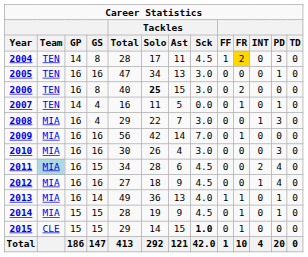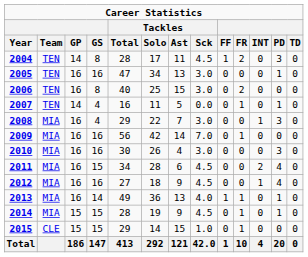 <table class="wikitable">
 <tr>
 <td colspan="13" align="center"><strong>Career Statistics</strong></td>
 </tr>
 <tr>
 <th colspan="4" align="center"></th>
 <th colspan="4" align="center"><strong>Tackles</strong></th>
 <th colspan="5" align="center"></th>
 </tr>
 <tr align="center">
 <th>Year</th>
 <th>Team</th>
 <th>GP</th>
 <th>GS</th>
 <th>Total</th>
 <th>Solo</th>
 <th>Ast</th>
 <th>Sck</th>
 <th>FF</th>
 <th>FR</th>
 <th>INT</th>
 <th>PD</th>
 <th>TD</th>
 </tr>
 <tr align="center">
 <td><strong><a href='#'>2004</a></strong></td>
 <td><a href='#'>TEN</a></td>
 <td>14</td>
 <td>8</td>
 <td>28</td>
 <td>17</td>
 <td>11</td>
 <td>4.5</td>
 <td>1</td>
-<td style="background: gold;">2</td>
+<td>2</td>
 <td>0</td>
 <td>3</td>
 <td>0</td>
 </tr>
 <tr align="center">
 <td><strong><a href='#'>2005</a></strong></td>
 <td><a href='#'>TEN</a></td>
 <td>16</td>
 <td>16</td>
 <td>47</td>
 <td>34</td>
 <td>13</td>
 <td>3.0</td>
 <td>0</td>
 <td>0</td>
 <td>0</td>
 <td>1</td>
 <td>0</td>
 </tr>
 <tr align="center">
 <td><strong><a href='#'>2006</a></strong></td>
 <td><a href='#'>TEN</a></td>
 <td>16</td>
 <td>8</td>
 <td>40</td>
-<td><strong>25</strong></td>
+<td>25</td>
 <td>15</td>
 <td>3.0</td>
 <td>0</td>
 <td>2</td>
 <td>0</td>
 <td>0</td>
 <td>0</td>
 </tr>
 <tr align="center">
 <td><strong><a href='#'>2007</a></strong></td>
 <td><a href='#'>TEN</a></td>
 <td>14</td>
 <td>4</td>
 <td>16</td>
 <td>11</td>
 <td>5</td>
 <td>0.0</td>
 <td>0</td>
 <td>1</td>
 <td>0</td>
 <td>1</td>
 <td>0</td>
 </tr>
 <tr align="center">
 <td><strong><a href='#'>2008</a></strong></td>
 <td><a href='#'>MIA</a></td>
 <td>16</td>
 <td>4</td>
 <td>29</td>
 <td>22</td>
 <td>7</td>
 <td>3.0</td>
 <td>0</td>
 <td>0</td>
 <td>1</td>
 <td>3</td>
 <td>0</td>
 </tr>
 <tr align="center">
 <td><strong><a href='#'>2009</a></strong></td>
 <td><a href='#'>MIA</a></td>
 <td>16</td>
 <td>16</td>
 <td>56</td>
 <td>42</td>
 <td>14</td>
 <td>7.0</td>
 <td>0</td>
 <td>1</td>
 <td>0</td>
 <td>0</td>
 <td>0</td>
 </tr>
 <tr align="center">
 <td><strong><a href='#'>2010</a></strong></td>
 <td><a href='#'>MIA</a></td>
 <td>16</td>
 <td>16</td>
 <td>30</td>
 <td>26</td>
 <td>4</td>
 <td>3.0</td>
 <td>0</td>
 <td>0</td>
 <td>0</td>
 <td>3</td>
 <td>0</td>
 </tr>
 <tr align="center">
 <td><strong><a href='#'>2011</a></strong></td>
-<td style="background: lightblue;"><a href='#'>MIA</a></td>
+<td><a href='#'>MIA</a></td>
 <td>16</td>
 <td>15</td>
 <td>34</td>
 <td>28</td>
 <td>6</td>
 <td>4.5</td>
 <td>0</td>
 <td>0</td>
 <td>2</td>
 <td>4</td>
 <td>0</td>
 </tr>
 <tr align="center">
 <td><strong><a href='#'>2012</a></strong></td>
 <td><a href='#'>MIA</a></td>
 <td>16</td>
 <td>16</td>
 <td>27</td>
 <td>18</td>
 <td>9</td>
 <td>4.5</td>
 <td>0</td>
 <td>0</td>
 <td>1</td>
 <td>4</td>
 <td>0</td>
 </tr>
 <tr align="center">
 <td><strong><a href='#'>2013</a></strong></td>
 <td><a href='#'>MIA</a></td>
 <td>16</td>
 <td>14</td>
 <td>49</td>
 <td>36</td>
 <td>13</td>
 <td>4.0</td>
 <td>1</td>
 <td>1</td>
 <td>0</td>
 <td>1</td>
 <td>0</td>
 </tr>
 <tr align="center">
 <td><strong><a href='#'>2014</a></strong></td>
 <td><a href='#'>MIA</a></td>
 <td>15</td>
 <td>15</td>
 <td>28</td>
 <td>19</td>
 <td>9</td>
 <td>4.5</td>
 <td>0</td>
 <td>1</td>
 <td>0</td>
 <td>1</td>
 <td>0</td>
 </tr>
 <tr align="center">
 <td><strong><a href='#'>2015</a></strong></td>
 <td><a href='#'>CLE</a></td>
 <td>15</td>
 <td>15</td>
 <td>29</td>
 <td>14</td>
 <td>15</td>
-<td><strong>1.0</strong></td>
+<td>1.0</td>
 <td>0</td>
 <td>1</td>
 <td>0</td>
 <td>0</td>
 <td>0</td>
 </tr>
 <tr align="center">
 <th><strong>Total</strong></th>
 <th></th>
 <th>186</th>
 <th>147</th>
 <th>413</th>
 <th>292</th>
 <th>121</th>
 <th>42.0</th>
 <th>1</th>
 <th>10</th>
 <th>4</th>
 <th>20</th>
 <th>0</th>
 </tr>
 </table>
